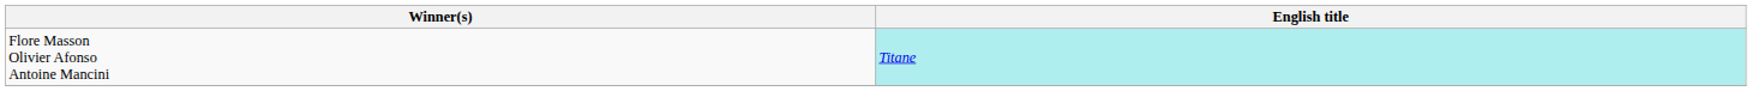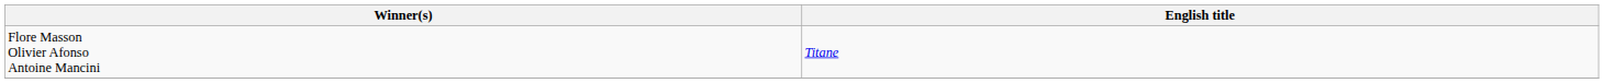 <table class="wikitable" width="95%" cellpadding="5">
 <tr>
 <th width="18%">Winner(s)</th>
 <th width="18%">English title</th>
 </tr>
 <tr>
 <td> Flore Masson <br> Olivier Afonso <br> Antoine Mancini</td>
-<td style="background: paleturquoise;"><em><a href='#'>Titane</a></em></td>
+<td><em><a href='#'>Titane</a></em></td>
 </tr>
 <tr>
 </tr>
 </table>
